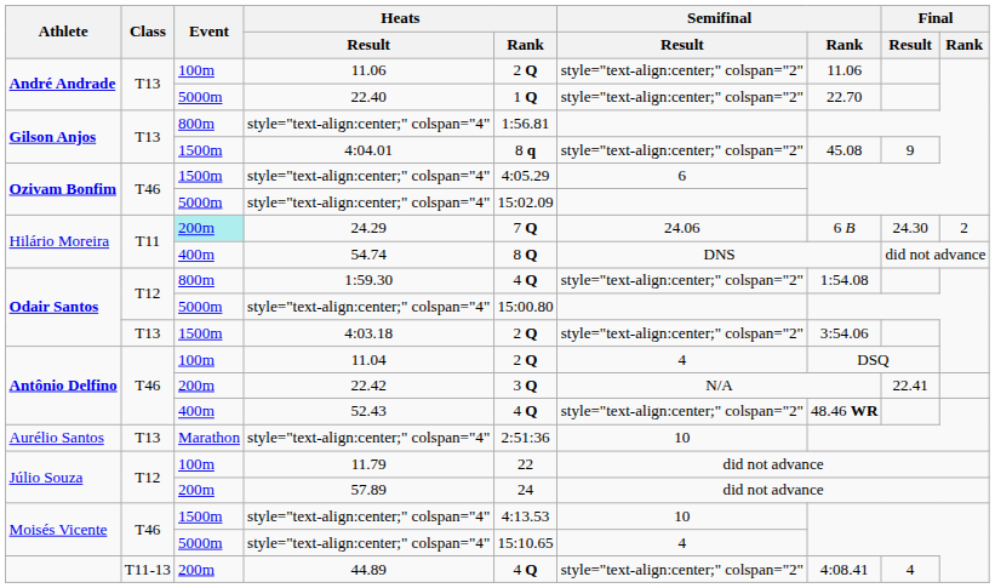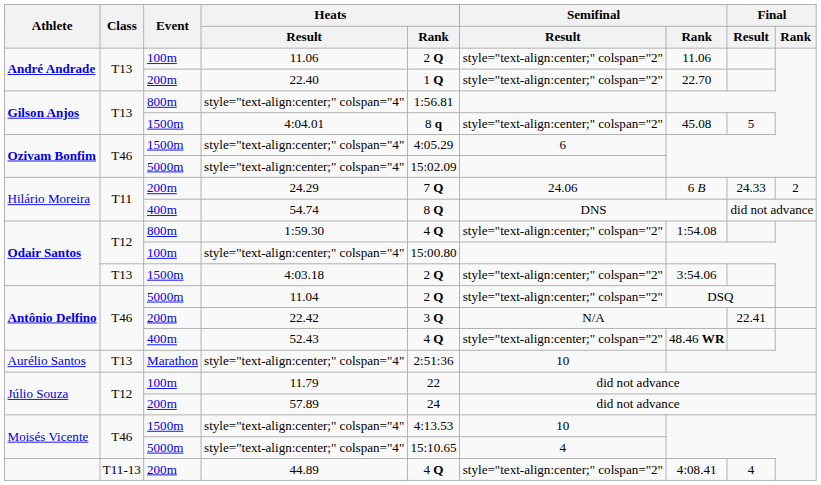 <table class=wikitable style="font-size:90%">
 <tr>
 <th rowspan="2">Athlete</th>
 <th rowspan="2">Class</th>
 <th rowspan="2">Event</th>
 <th colspan="2">Heats</th>
 <th colspan="2">Semifinal</th>
 <th colspan="2">Final</th>
 </tr>
 <tr>
 <th>Result</th>
 <th>Rank</th>
 <th>Result</th>
 <th>Rank</th>
 <th>Result</th>
 <th>Rank</th>
 </tr>
 <tr>
 <td rowspan="2"><strong><a href='#'>André Andrade</a></strong></td>
 <td rowspan="2" style="text-align:center;">T13</td>
 <td><a href='#'>100m</a></td>
 <td style="text-align:center;">11.06</td>
 <td style="text-align:center;">2 <strong>Q</strong></td>
 <td>style="text-align:center;" colspan="2" </td>
 <td style="text-align:center;">11.06</td>
 <td style="text-align:center;"></td>
 </tr>
 <tr>
-<td><a href='#'>5000m</a></td>
+<td><a href='#'>200m</a></td>
 <td style="text-align:center;">22.40</td>
 <td style="text-align:center;">1 <strong>Q</strong></td>
 <td>style="text-align:center;" colspan="2" </td>
 <td style="text-align:center;">22.70</td>
 <td style="text-align:center;"></td>
 </tr>
 <tr>
 <td rowspan="2"><strong><a href='#'>Gilson Anjos</a></strong></td>
 <td rowspan="2" style="text-align:center;">T13</td>
 <td><a href='#'>800m</a></td>
 <td>style="text-align:center;" colspan="4" </td>
 <td style="text-align:center;">1:56.81</td>
 <td style="text-align:center;"></td>
 </tr>
 <tr>
 <td><a href='#'>1500m</a></td>
 <td style="text-align:center;">4:04.01</td>
 <td style="text-align:center;">8 <strong>q</strong></td>
 <td>style="text-align:center;" colspan="2" </td>
 <td style="text-align:center;">45.08</td>
-<td style="text-align:center;">9</td>
+<td style="text-align:center;">5</td>
 </tr>
 <tr>
 <td rowspan="2"><strong><a href='#'>Ozivam Bonfim</a></strong></td>
 <td rowspan="2" style="text-align:center;">T46</td>
 <td><a href='#'>1500m</a></td>
 <td>style="text-align:center;" colspan="4" </td>
 <td style="text-align:center;">4:05.29</td>
 <td style="text-align:center;">6</td>
 </tr>
 <tr>
 <td><a href='#'>5000m</a></td>
 <td>style="text-align:center;" colspan="4" </td>
 <td style="text-align:center;">15:02.09</td>
 <td style="text-align:center;"></td>
 </tr>
 <tr>
 <td rowspan="2"><a href='#'>Hilário Moreira</a></td>
 <td rowspan="2" style="text-align:center;">T11</td>
-<td style="background: paleturquoise;"><a href='#'>200m</a></td>
+<td><a href='#'>200m</a></td>
 <td style="text-align:center;">24.29</td>
 <td style="text-align:center;">7 <strong>Q</strong></td>
 <td style="text-align:center;">24.06</td>
 <td style="text-align:center;">6 <em>B</em></td>
-<td style="text-align:center;">24.30</td>
+<td style="text-align:center;">24.33</td>
 <td style="text-align:center;">2</td>
 </tr>
 <tr>
 <td><a href='#'>400m</a></td>
 <td style="text-align:center;">54.74</td>
 <td style="text-align:center;">8 <strong>Q</strong></td>
 <td style="text-align:center;" colspan="2">DNS</td>
 <td style="text-align:center;" colspan="2">did not advance</td>
 </tr>
 <tr>
 <td rowspan="3"><strong><a href='#'>Odair Santos</a></strong></td>
 <td rowspan="2" style="text-align:center;">T12</td>
 <td><a href='#'>800m</a></td>
 <td style="text-align:center;">1:59.30</td>
 <td style="text-align:center;">4 <strong>Q</strong></td>
 <td>style="text-align:center;" colspan="2" </td>
 <td style="text-align:center;">1:54.08</td>
 <td style="text-align:center;"></td>
 </tr>
 <tr>
-<td><a href='#'>5000m</a></td>
+<td><a href='#'>100m</a></td>
 <td>style="text-align:center;" colspan="4" </td>
 <td style="text-align:center;">15:00.80</td>
 <td style="text-align:center;"></td>
 </tr>
 <tr>
 <td style="text-align:center;">T13</td>
 <td><a href='#'>1500m</a></td>
 <td style="text-align:center;">4:03.18</td>
 <td style="text-align:center;">2 <strong>Q</strong></td>
 <td>style="text-align:center;" colspan="2" </td>
 <td style="text-align:center;">3:54.06</td>
 <td style="text-align:center;"></td>
 </tr>
 <tr>
 <td rowspan="3"><strong><a href='#'>Antônio Delfino</a></strong></td>
 <td rowspan="3" style="text-align:center;">T46</td>
-<td><a href='#'>100m</a></td>
+<td><a href='#'>5000m</a></td>
 <td style="text-align:center;">11.04</td>
 <td style="text-align:center;">2 <strong>Q</strong></td>
-<td style="text-align:center;">4</td>
+<td>style="text-align:center;" colspan="2" </td>
 <td style="text-align:center;" colspan="2">DSQ</td>
 </tr>
 <tr>
 <td><a href='#'>200m</a></td>
 <td style="text-align:center;">22.42</td>
 <td style="text-align:center;">3 <strong>Q</strong></td>
 <td style="text-align:center;" colspan="2">N/A</td>
 <td style="text-align:center;">22.41</td>
 <td style="text-align:center;"></td>
 </tr>
 <tr>
 <td><a href='#'>400m</a></td>
 <td style="text-align:center;">52.43</td>
 <td style="text-align:center;">4 <strong>Q</strong></td>
 <td>style="text-align:center;" colspan="2" </td>
 <td style="text-align:center;">48.46 <strong>WR</strong></td>
 <td style="text-align:center;"></td>
 </tr>
 <tr>
 <td><a href='#'>Aurélio Santos</a></td>
 <td style="text-align:center;">T13</td>
 <td><a href='#'>Marathon</a></td>
 <td>style="text-align:center;" colspan="4" </td>
 <td style="text-align:center;">2:51:36</td>
 <td style="text-align:center;">10</td>
 </tr>
 <tr>
 <td rowspan="2"><a href='#'>Júlio Souza</a></td>
 <td rowspan="2" style="text-align:center;">T12</td>
 <td><a href='#'>100m</a></td>
 <td style="text-align:center;">11.79</td>
 <td style="text-align:center;">22</td>
 <td style="text-align:center;" colspan="4">did not advance</td>
 </tr>
 <tr>
 <td><a href='#'>200m</a></td>
 <td style="text-align:center;">57.89</td>
 <td style="text-align:center;">24</td>
 <td style="text-align:center;" colspan="4">did not advance</td>
 </tr>
 <tr>
 <td rowspan="2"><a href='#'>Moisés Vicente</a></td>
 <td rowspan="2" style="text-align:center;">T46</td>
 <td><a href='#'>1500m</a></td>
 <td>style="text-align:center;" colspan="4" </td>
 <td style="text-align:center;">4:13.53</td>
 <td style="text-align:center;">10</td>
 </tr>
 <tr>
 <td><a href='#'>5000m</a></td>
 <td>style="text-align:center;" colspan="4" </td>
 <td style="text-align:center;">15:10.65</td>
 <td style="text-align:center;">4</td>
 </tr>
 <tr>
 <td></td>
 <td style="text-align:center;">T11-13</td>
 <td><a href='#'>200m</a></td>
 <td style="text-align:center;">44.89</td>
 <td style="text-align:center;">4 <strong>Q</strong></td>
 <td>style="text-align:center;" colspan="2" </td>
 <td style="text-align:center;">4:08.41</td>
 <td style="text-align:center;">4</td>
 </tr>
 </table>
